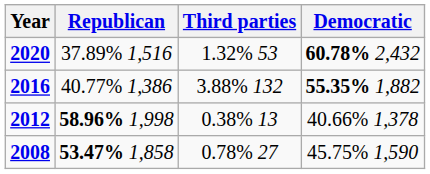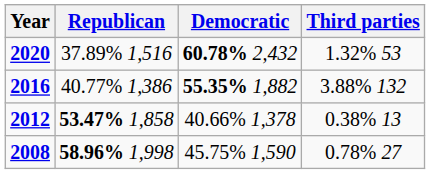 <table class="wikitable" style="margin:1em; font-size:95%;">
 <tr style="background:lightgrey;">
 <th>Year</th>
 <th><a href='#'>Republican</a></th>
+<th><a href='#'>Democratic</a></th>
 <th><a href='#'>Third parties</a></th>
-<th><a href='#'>Democratic</a></th>
 </tr>
 <tr>
 <td style="text-align:center; "><strong><a href='#'>2020</a></strong></td>
 <td align="center" >37.89% <em>1,516</em></td>
+<td align="center" ><strong>60.78%</strong> <em>2,432</em></td>
 <td align="center" >1.32% <em>53</em></td>
-<td align="center" ><strong>60.78%</strong> <em>2,432</em></td>
 </tr>
 <tr>
 <td style="text-align:center; "><strong><a href='#'>2016</a></strong></td>
 <td align="center" >40.77% <em>1,386</em></td>
+<td align="center" ><strong>55.35%</strong> <em>1,882</em></td>
 <td align="center" >3.88% <em>132</em></td>
-<td align="center" ><strong>55.35%</strong> <em>1,882</em></td>
 </tr>
 <tr>
 <td style="text-align:center; "><strong><a href='#'>2012</a></strong></td>
-<td align="center" ><strong>58.96%</strong> <em>1,998</em></td>
+<td align="center" ><strong>53.47%</strong> <em>1,858</em></td>
+<td align="center" >40.66% <em>1,378</em></td>
 <td align="center" >0.38% <em>13</em></td>
-<td align="center" >40.66% <em>1,378</em></td>
 </tr>
 <tr>
 <td style="text-align:center; "><strong><a href='#'>2008</a></strong></td>
-<td align="center" ><strong>53.47%</strong> <em>1,858</em></td>
+<td align="center" ><strong>58.96%</strong> <em>1,998</em></td>
+<td align="center" >45.75% <em>1,590</em></td>
 <td align="center" >0.78% <em>27</em></td>
-<td align="center" >45.75% <em>1,590</em></td>
 </tr>
 </table>
